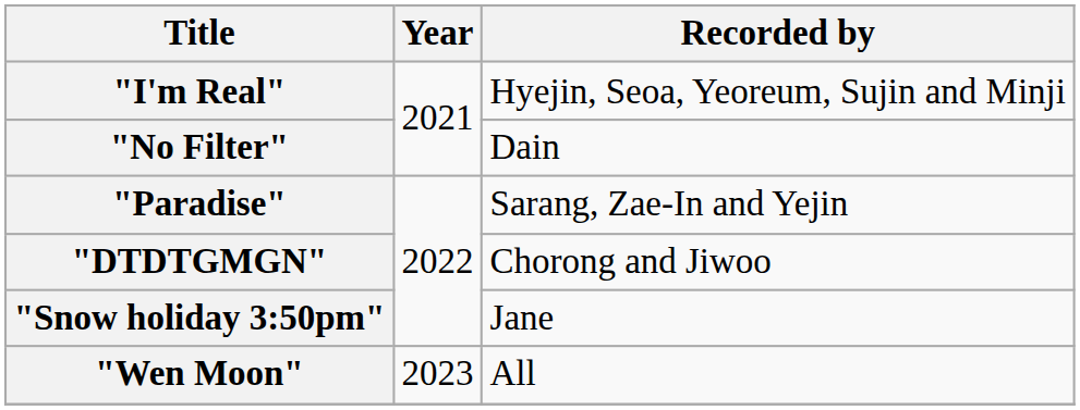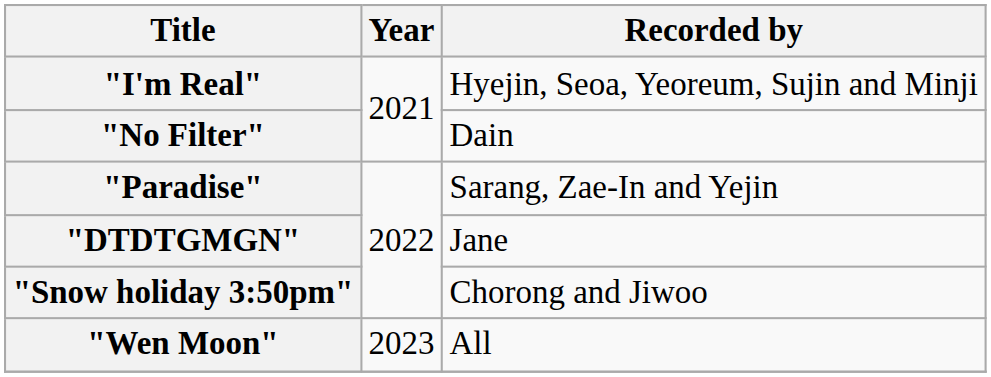 <table class="wikitable plainrowheaders sortable">
 <tr>
 <th scope="col">Title</th>
 <th scope="col">Year</th>
 <th scope="col">Recorded by</th>
 </tr>
 <tr>
 <th scope="row">"I'm Real"</th>
 <td scope="row" rowspan="2">2021</td>
 <td>Hyejin, Seoa, Yeoreum, Sujin and Minji</td>
 </tr>
 <tr>
 <th scope="row">"No Filter"</th>
 <td>Dain</td>
 </tr>
 <tr>
 <th scope="row">"Paradise"</th>
 <td scope="row" rowspan="3">2022</td>
 <td>Sarang, Zae-In and Yejin</td>
 </tr>
 <tr>
 <th scope="row">"DTDTGMGN"</th>
-<td>Chorong and Jiwoo</td>
+<td>Jane</td>
 </tr>
 <tr>
 <th scope="row">"Snow holiday 3:50pm"</th>
-<td>Jane</td>
+<td>Chorong and Jiwoo</td>
 </tr>
 <tr>
 <th scope="row">"Wen Moon"</th>
 <td>2023</td>
 <td>All</td>
 </tr>
 <tr>
 </tr>
 </table>
